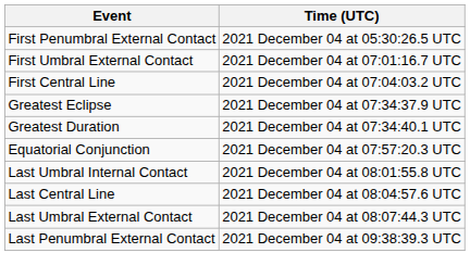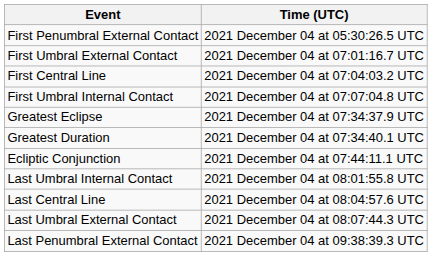 <table class="wikitable">
 <tr>
 <th>Event</th>
 <th>Time (UTC)</th>
 </tr>
 <tr>
 <td>First Penumbral External Contact</td>
 <td>2021 December 04 at 05:30:26.5 UTC</td>
 </tr>
 <tr>
 <td>First Umbral External Contact</td>
 <td>2021 December 04 at 07:01:16.7 UTC</td>
 </tr>
 <tr>
 <td>First Central Line</td>
 <td>2021 December 04 at 07:04:03.2 UTC</td>
 </tr>
 <tr>
+<td>First Umbral Internal Contact</td>
+<td>2021 December 04 at 07:07:04.8 UTC</td>
+</tr>
+<tr>
 <td>Greatest Eclipse</td>
 <td>2021 December 04 at 07:34:37.9 UTC</td>
 </tr>
 <tr>
 <td>Greatest Duration</td>
 <td>2021 December 04 at 07:34:40.1 UTC</td>
 </tr>
 <tr>
-<td>Equatorial Conjunction</td>
-<td>2021 December 04 at 07:57:20.3 UTC</td>
+<td>Ecliptic Conjunction</td>
+<td>2021 December 04 at 07:44:11.1 UTC</td>
 </tr>
 <tr>
 <td>Last Umbral Internal Contact</td>
 <td>2021 December 04 at 08:01:55.8 UTC</td>
 </tr>
 <tr>
 <td>Last Central Line</td>
 <td>2021 December 04 at 08:04:57.6 UTC</td>
 </tr>
 <tr>
 <td>Last Umbral External Contact</td>
 <td>2021 December 04 at 08:07:44.3 UTC</td>
 </tr>
 <tr>
 <td>Last Penumbral External Contact</td>
 <td>2021 December 04 at 09:38:39.3 UTC</td>
 </tr>
 </table>
